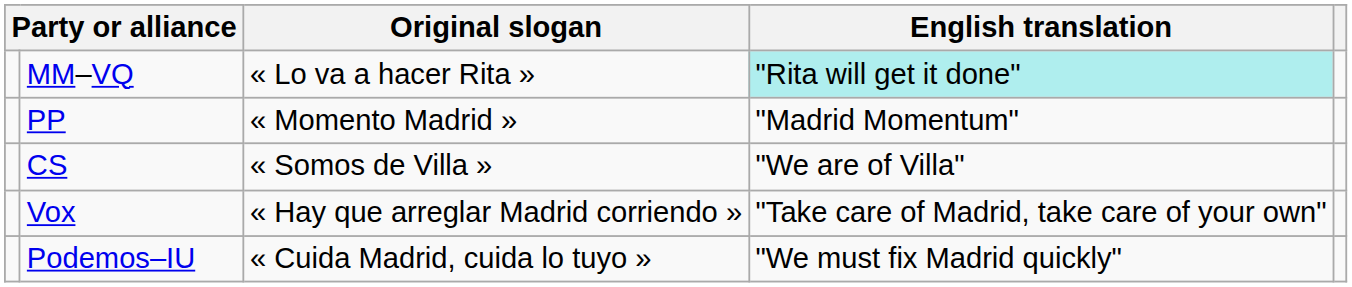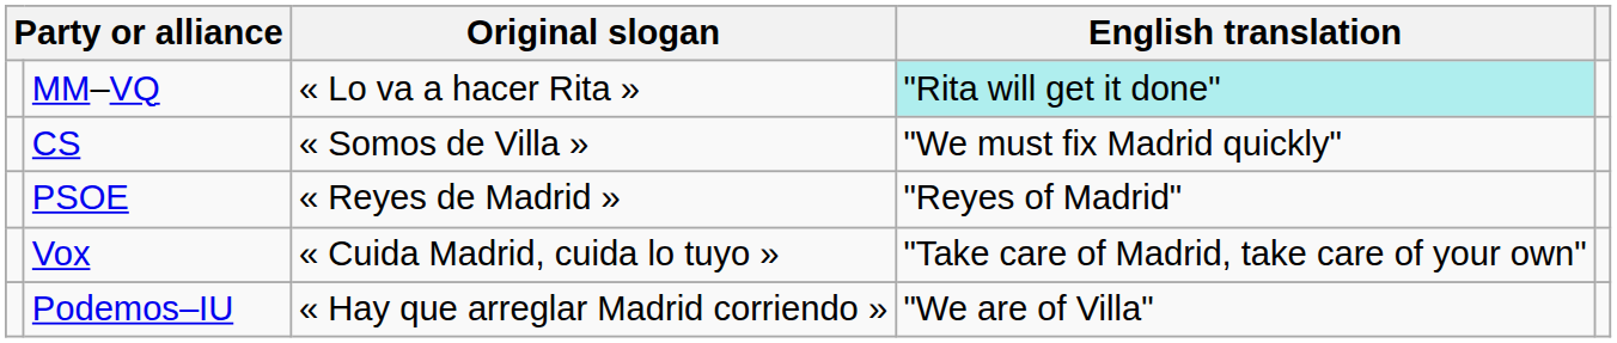 <table class="wikitable" style="text-align:left;">
 <tr>
 <th style="text-align:left;" colspan="2">Party or alliance</th>
 <th>Original slogan</th>
 <th>English translation</th>
 <th></th>
 </tr>
 <tr>
 <td width="1" style="color:inherit;background:"></td>
 <td><a href='#'>MM</a>–<a href='#'>VQ</a></td>
 <td>« Lo va a hacer Rita »</td>
 <td style="background: paleturquoise;">"Rita will get it done"</td>
 <td></td>
 </tr>
 <tr>
 <td style="color:inherit;background:"></td>
-<td><a href='#'>PP</a></td>
-<td>« Momento Madrid »</td>
-<td>"Madrid Momentum"</td>
+<td><a href='#'>CS</a></td>
+<td>« Somos de Villa »</td>
+<td>"We must fix Madrid quickly"</td>
 <td></td>
 </tr>
 <tr>
 <td style="color:inherit;background:"></td>
-<td><a href='#'>CS</a></td>
-<td>« Somos de Villa »</td>
-<td>"We are of Villa"</td>
+<td><a href='#'>PSOE</a></td>
+<td>« Reyes de Madrid »</td>
+<td>"Reyes of Madrid"</td>
 <td></td>
 </tr>
 <tr>
 <td style="color:inherit;background:"></td>
 <td><a href='#'>Vox</a></td>
-<td>« Hay que arreglar Madrid corriendo »</td>
+<td>« Cuida Madrid, cuida lo tuyo »</td>
 <td>"Take care of Madrid, take care of your own"</td>
 <td></td>
 </tr>
 <tr>
 <td style="color:inherit;background:"></td>
 <td><a href='#'>Podemos–IU</a></td>
-<td>« Cuida Madrid, cuida lo tuyo »</td>
-<td>"We must fix Madrid quickly"</td>
+<td>« Hay que arreglar Madrid corriendo »</td>
+<td>"We are of Villa"</td>
 <td></td>
 </tr>
 </table>
